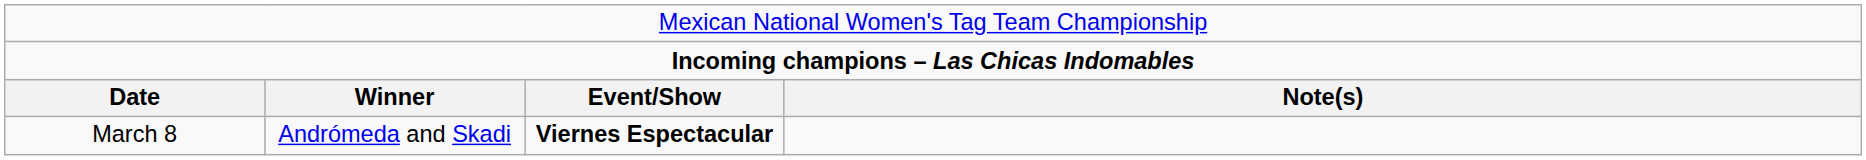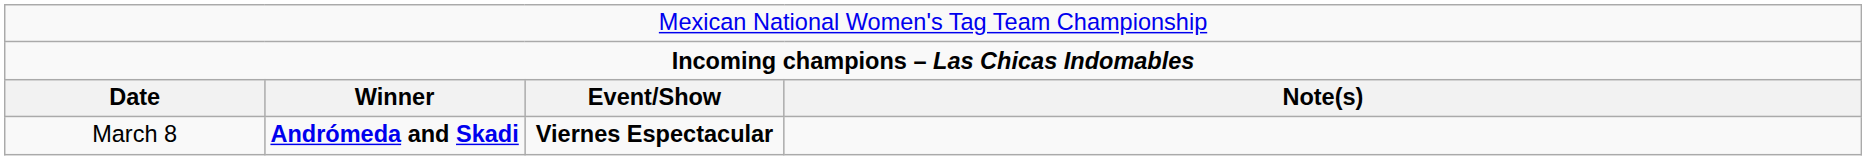 <table class="wikitable" style="text-align:center; width:100%;">
 <tr>
 <td colspan="4" style="text-align: center;"><a href='#'>Mexican National Women's Tag Team Championship</a></td>
 </tr>
 <tr>
 <td colspan="4" style="text-align: center;"><strong>Incoming champions – <em>Las Chicas Indomables</em> </strong></td>
 </tr>
 <tr>
 <th width=14%>Date</th>
 <th width=14%>Winner</th>
 <th width=14%>Event/Show</th>
 <th width=58%>Note(s)</th>
 </tr>
 <tr>
 <td>March 8</td>
-<td><a href='#'>Andrómeda</a> and <a href='#'>Skadi</a></td>
+<td><strong><a href='#'>Andrómeda</a> and <a href='#'>Skadi</a></strong></td>
 <td><strong>Viernes Espectacular</strong></td>
 <td></td>
 </tr>
 </table>
